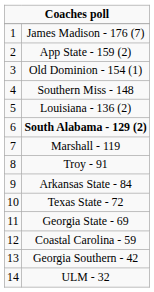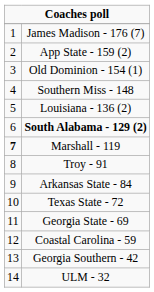 <table class="wikitable" style="display: inline-table;">
 <tr>
 <td align="center" Colspan="3"><strong>Coaches poll</strong></td>
 </tr>
 <tr align="center">
 </tr>
 <tr align="center">
 <td>1</td>
 <td>James Madison - 176 (7)</td>
 </tr>
 <tr align="center">
 <td>2</td>
 <td>App State - 159 (2)</td>
 </tr>
 <tr align="center">
 <td>3</td>
 <td>Old Dominion - 154 (1)</td>
 </tr>
 <tr align="center">
 <td>4</td>
 <td>Southern Miss - 148</td>
 </tr>
 <tr align="center">
 <td>5</td>
 <td>Louisiana - 136 (2)</td>
 </tr>
 <tr align="center">
 <td>6</td>
 <td><strong>South Alabama - 129 (2)</strong></td>
 </tr>
 <tr align="center">
-<td>7</td>
+<td><strong>7</strong></td>
 <td>Marshall - 119</td>
 </tr>
 <tr align="center">
 <td>8</td>
 <td>Troy - 91</td>
 </tr>
 <tr align="center">
 <td>9</td>
 <td>Arkansas State - 84</td>
 </tr>
 <tr align="center">
 <td>10</td>
 <td>Texas State - 72</td>
 </tr>
 <tr align="center">
 <td>11</td>
 <td>Georgia State - 69</td>
 </tr>
 <tr align="center">
 <td>12</td>
 <td>Coastal Carolina - 59</td>
 </tr>
 <tr align="center">
 <td>13</td>
 <td>Georgia Southern - 42</td>
 </tr>
 <tr align="center">
 <td>14</td>
 <td>ULM - 32</td>
 </tr>
 </table>
